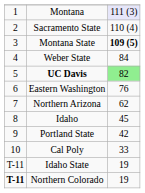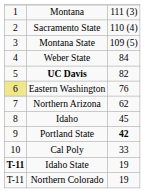 <table class="wikitable" style="display: inline-table;">
 <tr align="center">
 </tr>
 <tr align="center">
 <td>1</td>
 <td>Montana</td>
-<td style="background: lavender;">111 (3)</td>
+<td>111 (3)</td>
 </tr>
 <tr align="center">
 <td>2</td>
 <td>Sacramento State</td>
 <td>110 (4)</td>
 </tr>
 <tr align="center">
 <td>3</td>
 <td>Montana State</td>
-<td><strong>109 (5)</strong></td>
+<td>109 (5)</td>
 </tr>
 <tr align="center">
 <td>4</td>
 <td>Weber State</td>
 <td>84</td>
 </tr>
 <tr align="center">
 <td>5</td>
 <td><strong>UC Davis</strong></td>
-<td style="background: lightgreen;">82</td>
+<td>82</td>
 </tr>
 <tr align="center">
-<td>6</td>
+<td style="background: khaki;">6</td>
 <td>Eastern Washington</td>
 <td>76</td>
 </tr>
 <tr align="center">
 <td>7</td>
 <td>Northern Arizona</td>
 <td>62</td>
 </tr>
 <tr align="center">
 <td>8</td>
 <td>Idaho</td>
 <td>45</td>
 </tr>
 <tr align="center">
 <td>9</td>
 <td>Portland State</td>
-<td>42</td>
+<td><strong>42</strong></td>
 </tr>
 <tr align="center">
 <td>10</td>
 <td>Cal Poly</td>
 <td>33</td>
 </tr>
 <tr align="center">
-<td>T-11</td>
+<td><strong>T-11</strong></td>
 <td>Idaho State</td>
 <td>19</td>
 </tr>
 <tr align="center">
-<td><strong>T-11</strong></td>
+<td>T-11</td>
 <td>Northern Colorado</td>
 <td>19</td>
 </tr>
 </table>
